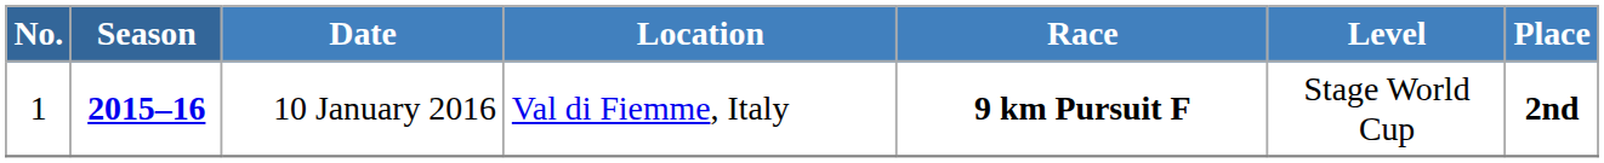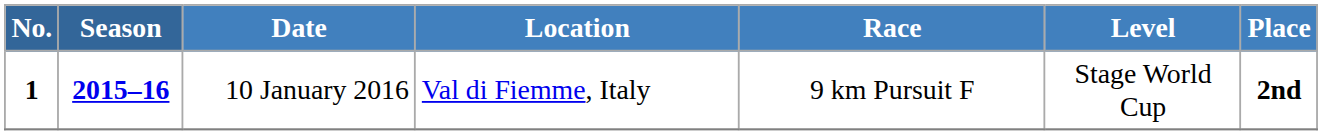 <table class="wikitable sortable" style="font-size:95%; text-align:center; border:grey solid 1px; border-collapse:collapse; background:#ffffff;">
 <tr style="background:#efefef;">
 <th style="background-color:#369; color:white;">No.</th>
 <th style="background-color:#369; color:white;">Season</th>
 <th style="background-color:#4180be; color:white; width:120px;">Date</th>
 <th style="background-color:#4180be; color:white; width:170px;">Location</th>
 <th style="background-color:#4180be; color:white; width:160px;">Race</th>
 <th style="background-color:#4180be; color:white; width:100px;">Level</th>
 <th style="background-color:#4180be; color:white;">Place</th>
 </tr>
 <tr>
-<td align=center>1</td>
+<td align=center><strong>1</strong></td>
 <td rowspan=1 align=center><strong> <a href='#'>2015–16</a> </strong></td>
 <td align=right>10 January 2016</td>
 <td align=left> <a href='#'>Val di Fiemme</a>, Italy</td>
-<td><strong>9 km Pursuit F</strong></td>
+<td>9 km Pursuit F</td>
 <td>Stage World Cup</td>
 <td><strong>2nd</strong></td>
 </tr>
 <tr>
 </tr>
 </table>
